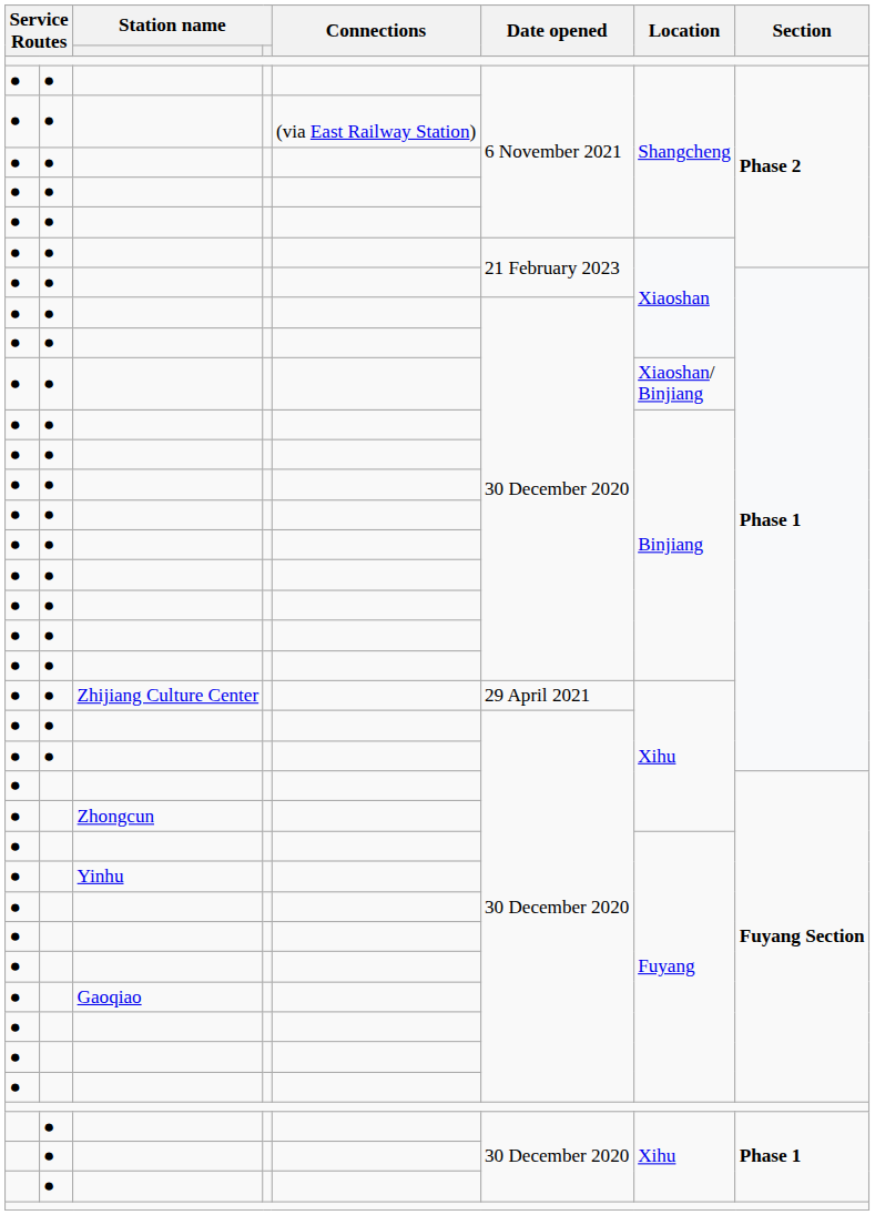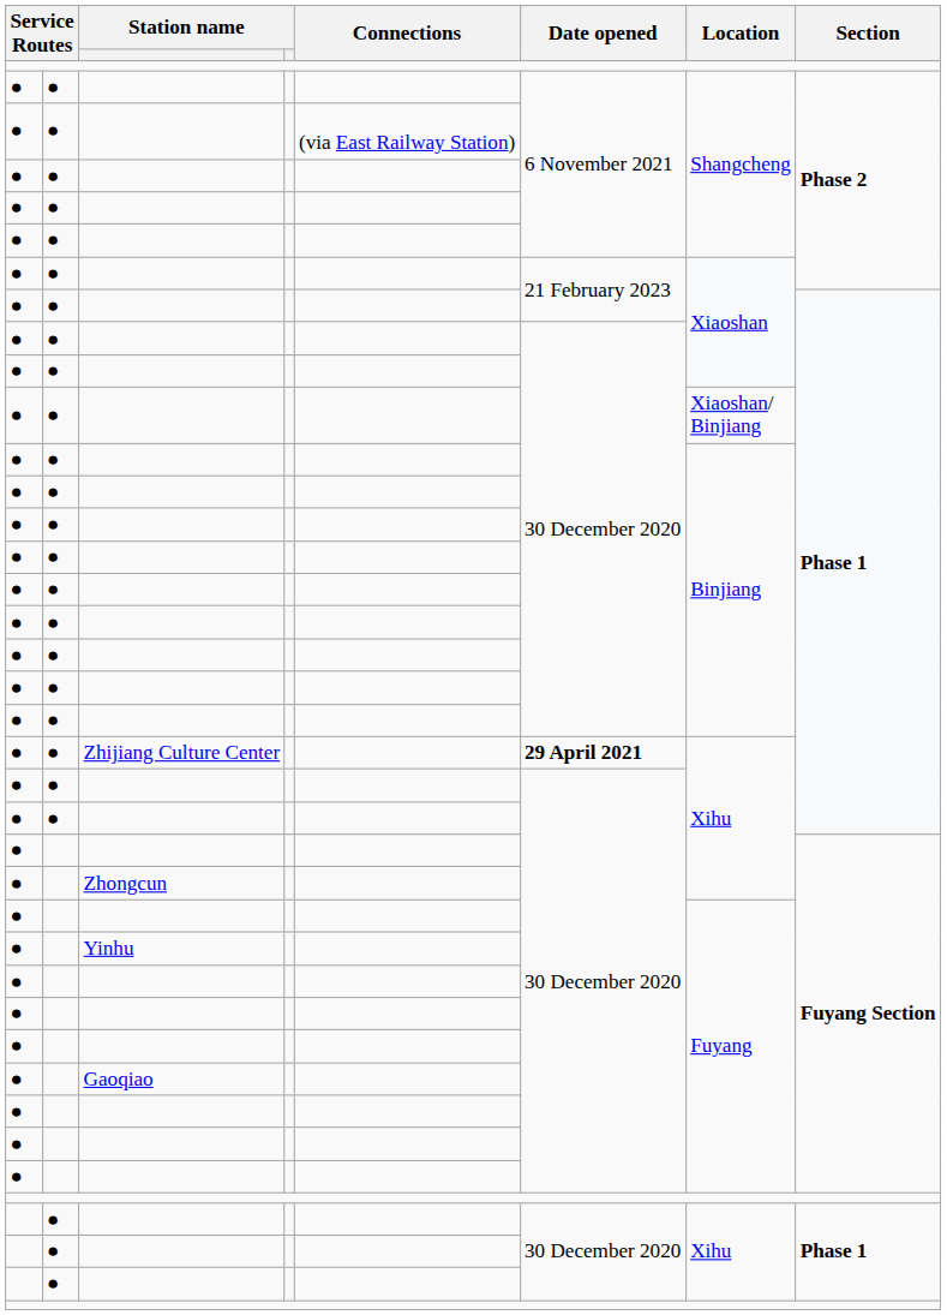 <table class="wikitable">
 <tr>
 <th colspan="2" rowspan="2">Service<br>Routes</th>
 <th colspan="2">Station name</th>
 <th rowspan="2">Connections</th>
 <th rowspan="2">Date opened</th>
 <th rowspan="2">Location</th>
 <th rowspan="2">Section</th>
 </tr>
 <tr>
 <th></th>
 <th></th>
 </tr>
 <tr style="background:#">
 <td colspan="8"></td>
 </tr>
 <tr>
 <td>●</td>
 <td>●</td>
 <td></td>
 <td></td>
 <td></td>
 <td rowspan="5">6 November 2021</td>
 <td rowspan="5"><a href='#'>Shangcheng</a></td>
 <td rowspan="6"><strong>Phase 2</strong></td>
 </tr>
 <tr>
 <td>●</td>
 <td>●</td>
 <td></td>
 <td></td>
 <td><br>  (via <a href='#'>East Railway Station</a>)<br></td>
 </tr>
 <tr>
 <td>●</td>
 <td>●</td>
 <td></td>
 <td></td>
 <td></td>
 </tr>
 <tr>
 <td>●</td>
 <td>●</td>
 <td></td>
 <td></td>
 <td></td>
 </tr>
 <tr>
 <td>●</td>
 <td>●</td>
 <td></td>
 <td></td>
 <td></td>
 </tr>
 <tr>
 <td>●</td>
 <td>●</td>
 <td></td>
 <td></td>
 <td></td>
 <td rowspan="2">21 February 2023</td>
 <td style="background:#F8F9FA;" rowspan="4"><a href='#'>Xiaoshan</a></td>
 </tr>
 <tr>
 <td>●</td>
 <td>●</td>
 <td></td>
 <td></td>
 <td></td>
 <td style="background:#F8F9FA;" rowspan="16"><strong>Phase 1</strong></td>
 </tr>
 <tr>
 <td>●</td>
 <td>●</td>
 <td></td>
 <td></td>
 <td></td>
 <td rowspan="12">30 December 2020</td>
 </tr>
 <tr>
 <td>●</td>
 <td>●</td>
 <td></td>
 <td></td>
 <td></td>
 </tr>
 <tr>
 <td>●</td>
 <td>●</td>
 <td></td>
 <td></td>
 <td></td>
 <td><a href='#'>Xiaoshan</a>/<br><a href='#'>Binjiang</a></td>
 </tr>
 <tr>
 <td>●</td>
 <td>●</td>
 <td></td>
 <td></td>
 <td></td>
 <td rowspan="9"><a href='#'>Binjiang</a></td>
 </tr>
 <tr>
 <td>●</td>
 <td>●</td>
 <td></td>
 <td></td>
 <td></td>
 </tr>
 <tr>
 <td>●</td>
 <td>●</td>
 <td></td>
 <td></td>
 <td></td>
 </tr>
 <tr>
 <td>●</td>
 <td>●</td>
 <td></td>
 <td></td>
 <td></td>
 </tr>
 <tr>
 <td>●</td>
 <td>●</td>
 <td></td>
 <td></td>
 <td></td>
 </tr>
 <tr>
 <td>●</td>
 <td>●</td>
 <td></td>
 <td></td>
 <td></td>
 </tr>
 <tr>
 <td>●</td>
 <td>●</td>
 <td></td>
 <td></td>
 <td></td>
 </tr>
 <tr>
 <td>●</td>
 <td>●</td>
 <td></td>
 <td></td>
 <td></td>
 </tr>
 <tr>
 <td>●</td>
 <td>●</td>
 <td></td>
 <td></td>
 <td></td>
 </tr>
 <tr>
 <td>●</td>
 <td>●</td>
 <td><a href='#'>Zhijiang Culture Center</a></td>
 <td></td>
 <td></td>
-<td>29 April 2021</td>
+<td><strong>29 April 2021</strong></td>
 <td rowspan="5"><a href='#'>Xihu</a></td>
 </tr>
 <tr>
 <td>●</td>
 <td>●</td>
 <td></td>
 <td></td>
 <td></td>
 <td rowspan="13">30 December 2020</td>
 </tr>
 <tr>
 <td>●</td>
 <td>●</td>
 <td></td>
 <td></td>
 <td></td>
 </tr>
 <tr>
 <td>●</td>
 <td></td>
 <td></td>
 <td></td>
 <td></td>
 <td rowspan="11"><strong>Fuyang Section</strong></td>
 </tr>
 <tr>
 <td>●</td>
 <td></td>
 <td><a href='#'>Zhongcun</a></td>
 <td></td>
 <td></td>
 </tr>
 <tr>
 <td>●</td>
 <td></td>
 <td></td>
 <td></td>
 <td></td>
 <td rowspan="9"><a href='#'>Fuyang</a></td>
 </tr>
 <tr>
 <td>●</td>
 <td></td>
 <td><a href='#'>Yinhu</a></td>
 <td></td>
 <td></td>
 </tr>
 <tr>
 <td>●</td>
 <td></td>
 <td></td>
 <td></td>
 <td></td>
 </tr>
 <tr>
 <td>●</td>
 <td></td>
 <td></td>
 <td></td>
 <td></td>
 </tr>
 <tr>
 <td>●</td>
 <td></td>
 <td></td>
 <td></td>
 <td></td>
 </tr>
 <tr>
 <td>●</td>
 <td></td>
 <td><a href='#'>Gaoqiao</a></td>
 <td></td>
 <td></td>
 </tr>
 <tr>
 <td>●</td>
 <td></td>
 <td></td>
 <td></td>
 <td></td>
 </tr>
 <tr>
 <td>●</td>
 <td></td>
 <td></td>
 <td></td>
 <td></td>
 </tr>
 <tr>
 <td>●</td>
 <td></td>
 <td></td>
 <td></td>
 <td></td>
 </tr>
 <tr style="background:#">
 <td colspan="8"></td>
 </tr>
 <tr>
 <td></td>
 <td>●</td>
 <td></td>
 <td></td>
 <td></td>
 <td rowspan="3">30 December 2020</td>
 <td rowspan="3"><a href='#'>Xihu</a></td>
 <td rowspan="3"><strong>Phase 1</strong></td>
 </tr>
 <tr>
 <td></td>
 <td>●</td>
 <td></td>
 <td></td>
 <td></td>
 </tr>
 <tr>
 <td></td>
 <td>●</td>
 <td></td>
 <td></td>
 <td></td>
 </tr>
 <tr style="background:#">
 <td colspan="8"></td>
 </tr>
 </table>
